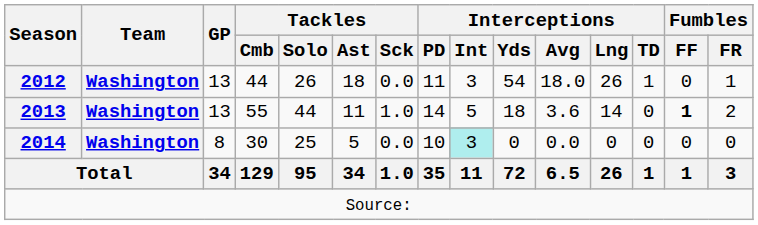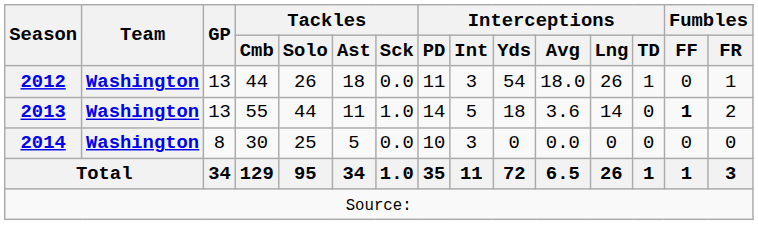 <table class="wikitable" style="text-align: center;">
 <tr>
 <th rowspan="2">Season</th>
 <th rowspan="2">Team</th>
 <th rowspan="2">GP</th>
 <th colspan="4">Tackles</th>
 <th colspan="6">Interceptions</th>
 <th colspan="2">Fumbles</th>
 </tr>
 <tr>
 <th>Cmb</th>
 <th>Solo</th>
 <th>Ast</th>
 <th>Sck</th>
 <th>PD</th>
 <th>Int</th>
 <th>Yds</th>
 <th>Avg</th>
 <th>Lng</th>
 <th>TD</th>
 <th>FF</th>
 <th>FR</th>
 </tr>
 <tr>
 <th><a href='#'>2012</a></th>
 <th><a href='#'>Washington</a></th>
 <td>13</td>
 <td>44</td>
 <td>26</td>
 <td>18</td>
 <td>0.0</td>
 <td>11</td>
 <td>3</td>
 <td>54</td>
 <td>18.0</td>
 <td>26</td>
 <td>1</td>
 <td>0</td>
 <td>1</td>
 </tr>
 <tr>
 <th><a href='#'>2013</a></th>
 <th><a href='#'>Washington</a></th>
 <td>13</td>
 <td>55</td>
 <td>44</td>
 <td>11</td>
 <td>1.0</td>
 <td>14</td>
 <td>5</td>
 <td>18</td>
 <td>3.6</td>
 <td>14</td>
 <td>0</td>
 <td><strong>1</strong></td>
 <td>2</td>
 </tr>
 <tr>
 <th><a href='#'>2014</a></th>
 <th><a href='#'>Washington</a></th>
 <td>8</td>
 <td>30</td>
 <td>25</td>
 <td>5</td>
 <td>0.0</td>
 <td>10</td>
-<td style="background: paleturquoise;">3</td>
+<td>3</td>
 <td>0</td>
 <td>0.0</td>
 <td>0</td>
 <td>0</td>
 <td>0</td>
 <td>0</td>
 </tr>
 <tr>
 <th colspan="2">Total</th>
 <th>34</th>
 <th>129</th>
 <th>95</th>
 <th>34</th>
 <th>1.0</th>
 <th>35</th>
 <th>11</th>
 <th>72</th>
 <th>6.5</th>
 <th>26</th>
 <th>1</th>
 <th>1</th>
 <th>3</th>
 </tr>
 <tr>
 <td colspan="15"><small>Source: </small></td>
 </tr>
 </table>
